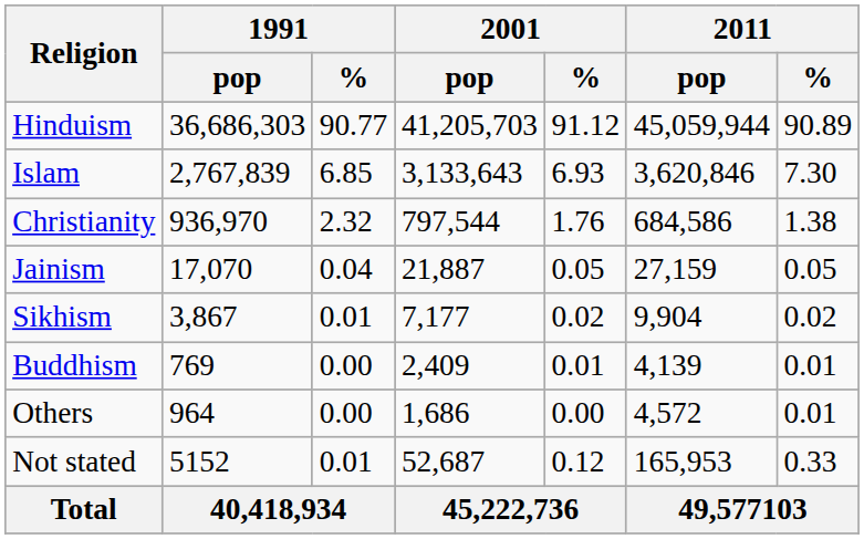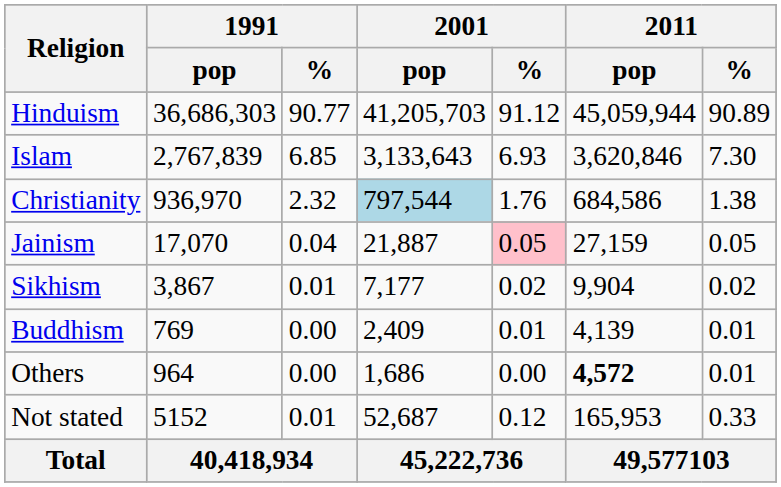 <table class="wikitable">
 <tr>
 <th rowspan="2">Religion</th>
 <th colspan="2">1991</th>
 <th colspan="2">2001</th>
 <th colspan="2">2011</th>
 </tr>
 <tr>
 <th>pop</th>
 <th>%</th>
 <th>pop</th>
 <th>%</th>
 <th>pop</th>
 <th>%</th>
 </tr>
 <tr>
 <td><a href='#'>Hinduism</a></td>
 <td>36,686,303</td>
 <td>90.77</td>
 <td>41,205,703</td>
 <td>91.12</td>
 <td>45,059,944</td>
 <td>90.89</td>
 </tr>
 <tr>
 <td><a href='#'>Islam</a></td>
 <td>2,767,839</td>
 <td>6.85</td>
 <td>3,133,643</td>
 <td>6.93</td>
 <td>3,620,846</td>
 <td>7.30</td>
 </tr>
 <tr>
 <td><a href='#'>Christianity</a></td>
 <td>936,970</td>
 <td>2.32</td>
-<td>797,544</td>
+<td style="background: lightblue;">797,544</td>
 <td>1.76</td>
 <td>684,586</td>
 <td>1.38</td>
 </tr>
 <tr>
 <td><a href='#'>Jainism</a></td>
 <td>17,070</td>
 <td>0.04</td>
 <td>21,887</td>
-<td>0.05</td>
+<td style="background: pink;">0.05</td>
 <td>27,159</td>
 <td>0.05</td>
 </tr>
 <tr>
 <td><a href='#'>Sikhism</a></td>
 <td>3,867</td>
 <td>0.01</td>
 <td>7,177</td>
 <td>0.02</td>
 <td>9,904</td>
 <td>0.02</td>
 </tr>
 <tr>
 <td><a href='#'>Buddhism</a></td>
 <td>769</td>
 <td>0.00</td>
 <td>2,409</td>
 <td>0.01</td>
 <td>4,139</td>
 <td>0.01</td>
 </tr>
 <tr>
 <td>Others</td>
 <td>964</td>
 <td>0.00</td>
 <td>1,686</td>
 <td>0.00</td>
-<td>4,572</td>
+<td><strong>4,572</strong></td>
 <td>0.01</td>
 </tr>
 <tr>
 <td>Not stated</td>
 <td>5152</td>
 <td>0.01</td>
 <td>52,687</td>
 <td>0.12</td>
 <td>165,953</td>
 <td>0.33</td>
 </tr>
 <tr>
 <th>Total</th>
 <th colspan="2">40,418,934</th>
 <th colspan="2">45,222,736</th>
 <th colspan="2">49,577103</th>
 </tr>
 </table>
